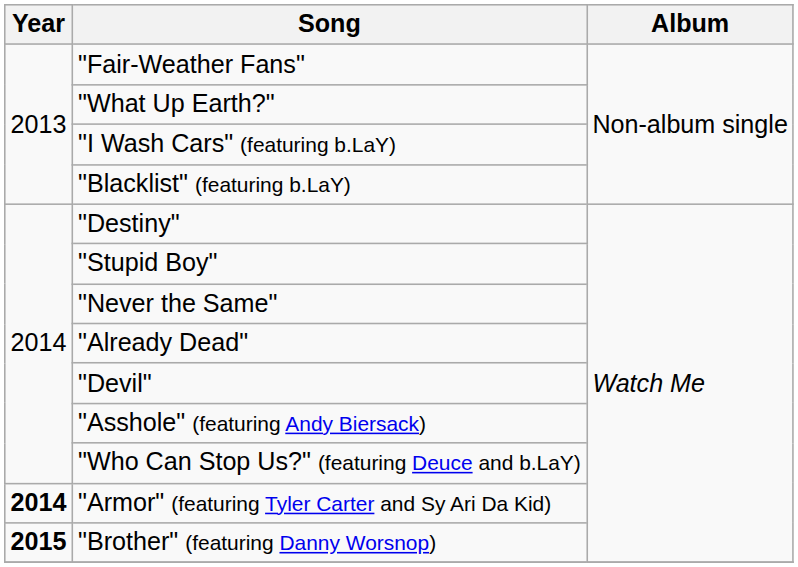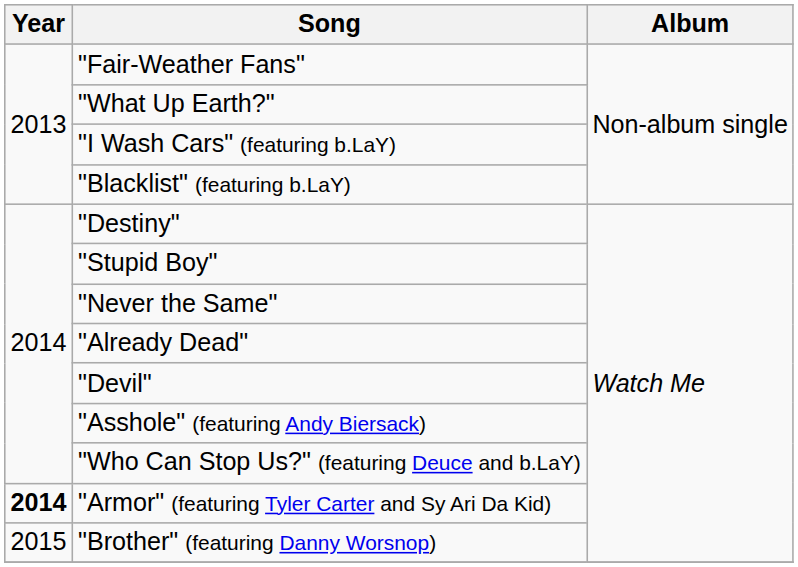 <table class="wikitable">
 <tr>
 <th>Year</th>
 <th>Song</th>
 <th>Album</th>
 </tr>
 <tr scml>
 <td rowspan=4>2013</td>
 <td>"Fair-Weather Fans"</td>
 <td rowspan=4>Non-album single</td>
 </tr>
 <tr>
 <td>"What Up Earth?"</td>
 </tr>
 <tr>
 <td>"I Wash Cars" <small>(featuring b.LaY)</small></td>
 </tr>
 <tr>
 <td>"Blacklist" <small>(featuring b.LaY)</small></td>
 </tr>
 <tr>
 <td rowspan=7>2014</td>
 <td>"Destiny"</td>
 <td rowspan="9"><em>Watch Me</em></td>
 </tr>
 <tr>
 <td>"Stupid Boy"</td>
 </tr>
 <tr>
 <td>"Never the Same"</td>
 </tr>
 <tr>
 <td>"Already Dead"</td>
 </tr>
 <tr>
 <td>"Devil"</td>
 </tr>
 <tr>
 <td>"Asshole" <small>(featuring <a href='#'>Andy Biersack</a>)</small></td>
 </tr>
 <tr>
 <td>"Who Can Stop Us?" <small>(featuring <a href='#'>Deuce</a> and b.LaY)</small></td>
 </tr>
 <tr>
 <td rowspan=1><strong>2014</strong></td>
 <td>"Armor" <small>(featuring <a href='#'>Tyler Carter</a> and Sy Ari Da Kid)</small></td>
 </tr>
 <tr>
-<td rowspan=1><strong>2015</strong></td>
+<td rowspan=1>2015</td>
 <td>"Brother" <small>(featuring <a href='#'>Danny Worsnop</a>)</small></td>
 </tr>
 <tr>
 </tr>
 </table>
